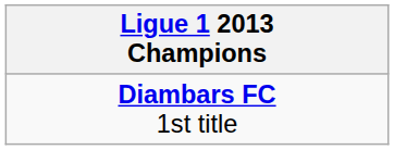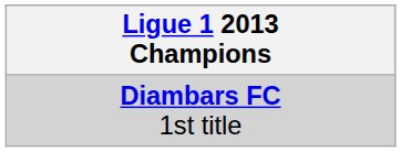 <table class="wikitable" style="margin: 0 auto; width: 240px;">
 <tr>
 <th><a href='#'>Ligue 1</a> 2013<br>Champions</th>
 </tr>
 <tr>
-<td align=center><strong><a href='#'>Diambars FC</a></strong><br>1st title</td>
+<td align=center style="background: lightgrey;"><strong><a href='#'>Diambars FC</a></strong><br>1st title</td>
 </tr>
 </table>
